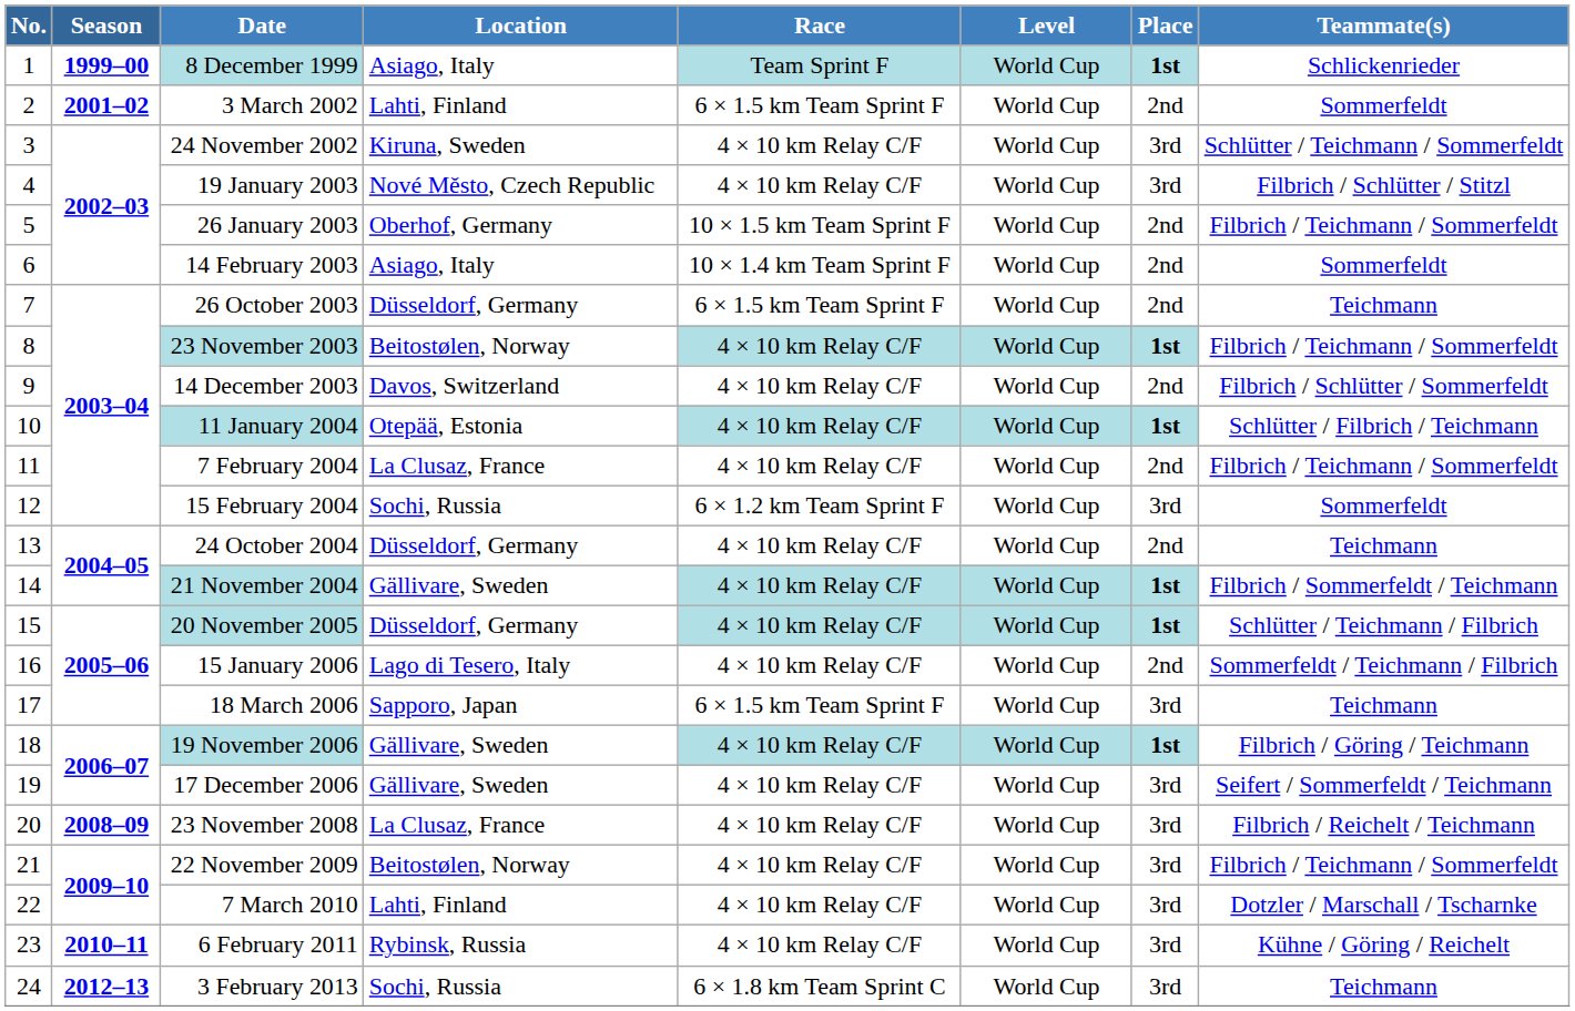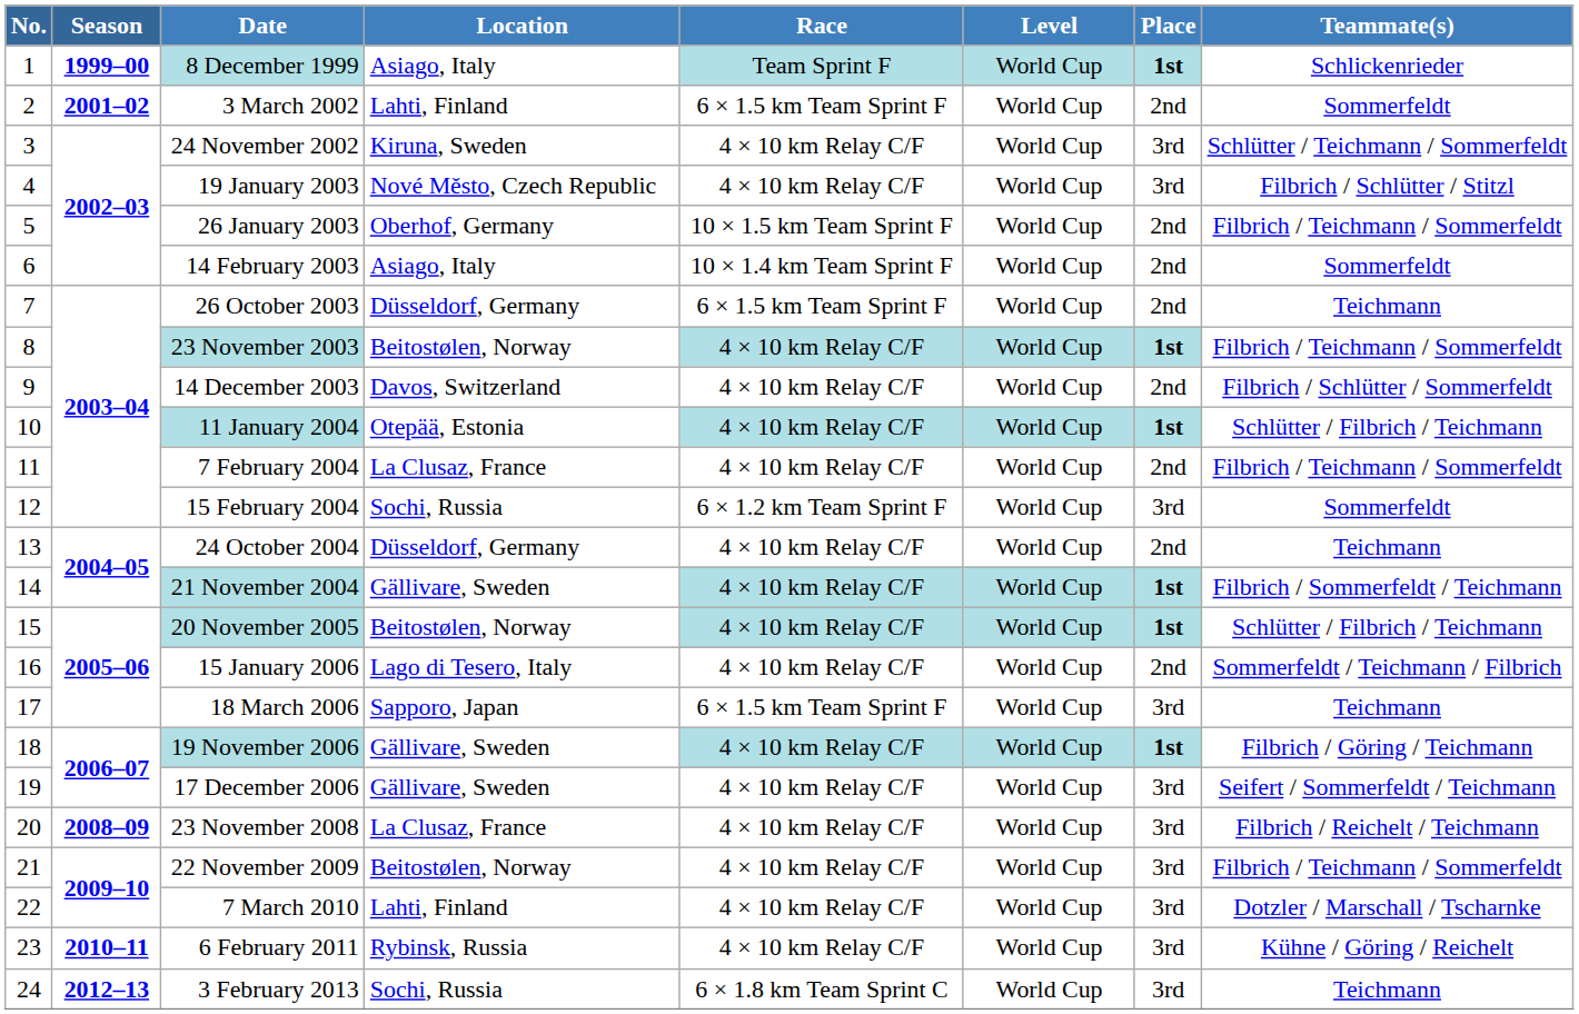 <table class="wikitable sortable" style="font-size:95%; text-align:center; border:grey solid 1px; border-collapse:collapse; background:#ffffff;">
 <tr style="background:#efefef;">
 <th style="background-color:#369; color:white;">No.</th>
 <th style="background-color:#369; color:white;">Season</th>
 <th style="background-color:#4180be; color:white; width:120px;">Date</th>
 <th style="background-color:#4180be; color:white; width:190px;">Location</th>
 <th style="background-color:#4180be; color:white; width:170px;">Race</th>
 <th style="background-color:#4180be; color:white; width:100px;">Level</th>
 <th style="background-color:#4180be; color:white;">Place</th>
 <th style="background-color:#4180be; color:white;">Teammate(s)</th>
 </tr>
 <tr>
 <td align=center>1</td>
 <td rowspan=1 align=center><strong><a href='#'>1999–00</a></strong></td>
 <td bgcolor="#BOEOE6" align=right>8 December 1999</td>
 <td align=left> <a href='#'>Asiago</a>, Italy</td>
 <td bgcolor="#BOEOE6">Team Sprint F</td>
 <td bgcolor="#BOEOE6">World Cup</td>
 <td bgcolor="#BOEOE6"><strong>1st</strong></td>
 <td><a href='#'>Schlickenrieder</a></td>
 </tr>
 <tr>
 <td align=center>2</td>
 <td rowspan=1 align=center><strong> <a href='#'>2001–02</a> </strong></td>
 <td align=right>3 March 2002</td>
 <td align=left> <a href='#'>Lahti</a>, Finland</td>
 <td>6 × 1.5 km Team Sprint F</td>
 <td>World Cup</td>
 <td>2nd</td>
 <td><a href='#'>Sommerfeldt</a></td>
 </tr>
 <tr>
 <td align=center>3</td>
 <td rowspan=4 align=center><strong> <a href='#'>2002–03</a> </strong></td>
 <td align=right>24 November 2002</td>
 <td align=left> <a href='#'>Kiruna</a>, Sweden</td>
 <td>4 × 10 km Relay C/F</td>
 <td>World Cup</td>
 <td>3rd</td>
 <td><a href='#'>Schlütter</a> / <a href='#'>Teichmann</a> / <a href='#'>Sommerfeldt</a></td>
 </tr>
 <tr>
 <td align=center>4</td>
 <td align=right>19 January 2003</td>
 <td align=left> <a href='#'>Nové Město</a>, Czech Republic</td>
 <td>4 × 10 km Relay C/F</td>
 <td>World Cup</td>
 <td>3rd</td>
 <td><a href='#'>Filbrich</a> / <a href='#'>Schlütter</a> / <a href='#'>Stitzl</a></td>
 </tr>
 <tr>
 <td align=center>5</td>
 <td align=right>26 January 2003</td>
 <td align=left> <a href='#'>Oberhof</a>, Germany</td>
 <td>10 × 1.5 km Team Sprint F</td>
 <td>World Cup</td>
 <td>2nd</td>
 <td><a href='#'>Filbrich</a> / <a href='#'>Teichmann</a> / <a href='#'>Sommerfeldt</a></td>
 </tr>
 <tr>
 <td align=center>6</td>
 <td align=right>14 February 2003</td>
 <td align=left> <a href='#'>Asiago</a>, Italy</td>
 <td>10 × 1.4 km Team Sprint F</td>
 <td>World Cup</td>
 <td>2nd</td>
 <td><a href='#'>Sommerfeldt</a></td>
 </tr>
 <tr>
 <td align=center>7</td>
 <td rowspan=6 align=center><strong> <a href='#'>2003–04</a> </strong></td>
 <td align=right>26 October 2003</td>
 <td align=left> <a href='#'>Düsseldorf</a>, Germany</td>
 <td>6 × 1.5 km Team Sprint F</td>
 <td>World Cup</td>
 <td>2nd</td>
 <td><a href='#'>Teichmann</a></td>
 </tr>
 <tr>
 <td align=center>8</td>
 <td bgcolor="#BOEOE6" align=right>23 November 2003</td>
 <td align=left> <a href='#'>Beitostølen</a>, Norway</td>
 <td bgcolor="#BOEOE6">4 × 10 km Relay C/F</td>
 <td bgcolor="#BOEOE6">World Cup</td>
 <td bgcolor="#BOEOE6"><strong>1st</strong></td>
 <td><a href='#'>Filbrich</a> / <a href='#'>Teichmann</a> / <a href='#'>Sommerfeldt</a></td>
 </tr>
 <tr>
 <td align=center>9</td>
 <td align=right>14 December 2003</td>
 <td align=left> <a href='#'>Davos</a>, Switzerland</td>
 <td>4 × 10 km Relay C/F</td>
 <td>World Cup</td>
 <td>2nd</td>
 <td><a href='#'>Filbrich</a> / <a href='#'>Schlütter</a> / <a href='#'>Sommerfeldt</a></td>
 </tr>
 <tr>
 <td align=center>10</td>
 <td bgcolor="#BOEOE6" align=right>11 January 2004</td>
 <td align=left> <a href='#'>Otepää</a>, Estonia</td>
 <td bgcolor="#BOEOE6">4 × 10 km Relay C/F</td>
 <td bgcolor="#BOEOE6">World Cup</td>
 <td bgcolor="#BOEOE6"><strong>1st</strong></td>
 <td><a href='#'>Schlütter</a> / <a href='#'>Filbrich</a> / <a href='#'>Teichmann</a></td>
 </tr>
 <tr>
 <td align=center>11</td>
 <td align=right>7 February 2004</td>
 <td align=left> <a href='#'>La Clusaz</a>, France</td>
 <td>4 × 10 km Relay C/F</td>
 <td>World Cup</td>
 <td>2nd</td>
 <td><a href='#'>Filbrich</a> / <a href='#'>Teichmann</a> / <a href='#'>Sommerfeldt</a></td>
 </tr>
 <tr>
 <td align=center>12</td>
 <td align=right>15 February 2004</td>
 <td align=left> <a href='#'>Sochi</a>, Russia</td>
 <td>6 × 1.2 km Team Sprint F</td>
 <td>World Cup</td>
 <td>3rd</td>
 <td><a href='#'>Sommerfeldt</a></td>
 </tr>
 <tr>
 <td align=center>13</td>
 <td rowspan=2 align=center><strong> <a href='#'>2004–05</a> </strong></td>
 <td align=right>24 October 2004</td>
 <td align=left> <a href='#'>Düsseldorf</a>, Germany</td>
 <td>4 × 10 km Relay C/F</td>
 <td>World Cup</td>
 <td>2nd</td>
 <td><a href='#'>Teichmann</a></td>
 </tr>
 <tr>
 <td align=center>14</td>
 <td bgcolor="#BOEOE6" align=right>21 November 2004</td>
 <td align=left> <a href='#'>Gällivare</a>, Sweden</td>
 <td bgcolor="#BOEOE6">4 × 10 km Relay C/F</td>
 <td bgcolor="#BOEOE6">World Cup</td>
 <td bgcolor="#BOEOE6"><strong>1st</strong></td>
 <td><a href='#'>Filbrich</a> / <a href='#'>Sommerfeldt</a> / <a href='#'>Teichmann</a></td>
 </tr>
 <tr>
 <td align=center>15</td>
 <td rowspan=3 align=center><strong><a href='#'>2005–06</a></strong></td>
 <td bgcolor="#BOEOE6" align=right>20 November 2005</td>
-<td align=left> <a href='#'>Düsseldorf</a>, Germany</td>
+<td align=left> <a href='#'>Beitostølen</a>, Norway</td>
 <td bgcolor="#BOEOE6">4 × 10 km Relay C/F</td>
 <td bgcolor="#BOEOE6">World Cup</td>
 <td bgcolor="#BOEOE6"><strong>1st</strong></td>
-<td><a href='#'>Schlütter</a>  / <a href='#'>Teichmann</a> / <a href='#'>Filbrich</a></td>
+<td><a href='#'>Schlütter</a> / <a href='#'>Filbrich</a> / <a href='#'>Teichmann</a></td>
 </tr>
 <tr>
 <td align=center>16</td>
 <td align=right>15 January 2006</td>
 <td align=left> <a href='#'>Lago di Tesero</a>, Italy</td>
 <td>4 × 10 km Relay C/F</td>
 <td>World Cup</td>
 <td>2nd</td>
 <td><a href='#'>Sommerfeldt</a> / <a href='#'>Teichmann</a> / <a href='#'>Filbrich</a></td>
 </tr>
 <tr>
 <td align=center>17</td>
 <td align=right>18 March 2006</td>
 <td align=left> <a href='#'>Sapporo</a>, Japan</td>
 <td>6 × 1.5 km Team Sprint F</td>
 <td>World Cup</td>
 <td>3rd</td>
 <td><a href='#'>Teichmann</a></td>
 </tr>
 <tr>
 <td align=center>18</td>
 <td rowspan=2 align=center><strong><a href='#'>2006–07</a></strong></td>
 <td bgcolor="#BOEOE6" align=right>19 November 2006</td>
 <td align=left> <a href='#'>Gällivare</a>, Sweden</td>
 <td bgcolor="#BOEOE6">4 × 10 km Relay C/F</td>
 <td bgcolor="#BOEOE6">World Cup</td>
 <td bgcolor="#BOEOE6"><strong>1st</strong></td>
 <td><a href='#'>Filbrich</a> / <a href='#'>Göring</a> / <a href='#'>Teichmann</a></td>
 </tr>
 <tr>
 <td align=center>19</td>
 <td align=right>17 December 2006</td>
 <td align=left> <a href='#'>Gällivare</a>, Sweden</td>
 <td>4 × 10 km Relay C/F</td>
 <td>World Cup</td>
 <td>3rd</td>
 <td><a href='#'>Seifert</a> / <a href='#'>Sommerfeldt</a> / <a href='#'>Teichmann</a></td>
 </tr>
 <tr>
 <td align=center>20</td>
 <td rowspan=1 align=center><strong> <a href='#'>2008–09</a> </strong></td>
 <td align=right>23 November 2008</td>
 <td align=left> <a href='#'>La Clusaz</a>, France</td>
 <td>4 × 10 km Relay C/F</td>
 <td>World Cup</td>
 <td>3rd</td>
 <td><a href='#'>Filbrich</a> / <a href='#'>Reichelt</a> / <a href='#'>Teichmann</a></td>
 </tr>
 <tr>
 <td align=center>21</td>
 <td rowspan=2 align=center><strong> <a href='#'>2009–10</a> </strong></td>
 <td align=right>22 November 2009</td>
 <td align=left> <a href='#'>Beitostølen</a>, Norway</td>
 <td>4 × 10 km Relay C/F</td>
 <td>World Cup</td>
 <td>3rd</td>
 <td><a href='#'>Filbrich</a> / <a href='#'>Teichmann</a> / <a href='#'>Sommerfeldt</a></td>
 </tr>
 <tr>
 <td align=center>22</td>
 <td align=right>7 March 2010</td>
 <td align=left> <a href='#'>Lahti</a>, Finland</td>
 <td>4 × 10 km Relay C/F</td>
 <td>World Cup</td>
 <td>3rd</td>
 <td><a href='#'>Dotzler</a> / <a href='#'>Marschall</a> / <a href='#'>Tscharnke</a></td>
 </tr>
 <tr>
 <td align=center>23</td>
 <td rowspan=1 align=center><strong> <a href='#'>2010–11</a> </strong></td>
 <td align=right>6 February 2011</td>
 <td align=left> <a href='#'>Rybinsk</a>, Russia</td>
 <td>4 × 10 km Relay C/F</td>
 <td>World Cup</td>
 <td>3rd</td>
 <td><a href='#'>Kühne</a> / <a href='#'>Göring</a> / <a href='#'>Reichelt</a></td>
 </tr>
 <tr>
 <td align=center>24</td>
 <td rowspan=1 align=center><strong> <a href='#'>2012–13</a> </strong></td>
 <td align=right>3 February 2013</td>
 <td align=left> <a href='#'>Sochi</a>, Russia</td>
 <td>6 × 1.8 km Team Sprint C</td>
 <td>World Cup</td>
 <td>3rd</td>
 <td><a href='#'>Teichmann</a></td>
 </tr>
 <tr>
 </tr>
 </table>
